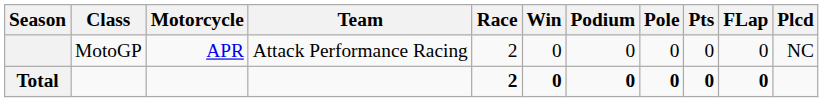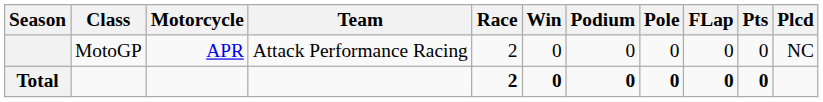 <table class="wikitable" style=text-align:right>
 <tr>
 <th>Season</th>
 <th>Class</th>
 <th>Motorcycle</th>
 <th>Team</th>
 <th>Race</th>
 <th>Win</th>
 <th>Podium</th>
 <th>Pole</th>
+<th>FLap</th>
 <th>Pts</th>
-<th>FLap</th>
 <th>Plcd</th>
 </tr>
 <tr>
 <th></th>
 <td>MotoGP</td>
 <td><a href='#'>APR</a></td>
 <td>Attack Performance Racing</td>
 <td>2</td>
 <td>0</td>
 <td>0</td>
 <td>0</td>
 <td>0</td>
 <td>0</td>
 <td>NC</td>
 </tr>
 <tr>
 <th>Total</th>
 <td></td>
 <td></td>
 <td></td>
 <td><strong>2</strong></td>
 <td><strong>0</strong></td>
 <td><strong>0</strong></td>
 <td><strong>0</strong></td>
 <td><strong>0</strong></td>
 <td><strong>0</strong></td>
 <td></td>
 </tr>
 </table>
